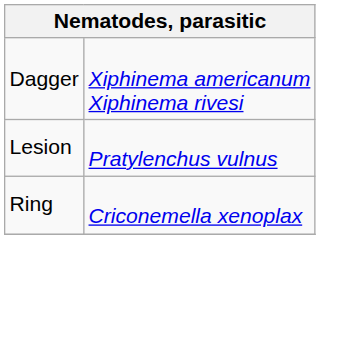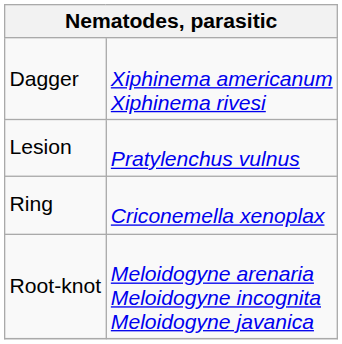 <table class="wikitable" style="clear">
 <tr>
 <th colspan=2><strong>Nematodes, parasitic</strong><br></th>
 </tr>
 <tr>
 <td>Dagger</td>
 <td><br><em><a href='#'>Xiphinema americanum</a></em><br> <em><a href='#'>Xiphinema rivesi</a></em></td>
 </tr>
 <tr>
 <td>Lesion</td>
 <td><br><em><a href='#'>Pratylenchus vulnus</a></em></td>
 </tr>
 <tr>
 <td>Ring</td>
 <td><br><em><a href='#'>Criconemella xenoplax</a></em></td>
 </tr>
 <tr>
+<td>Root-knot</td>
+<td><br><em><a href='#'>Meloidogyne arenaria</a></em><br> <em><a href='#'>Meloidogyne incognita</a></em><br> <em><a href='#'>Meloidogyne javanica</a></em></td>
+</tr>
+<tr>
 </tr>
 </table>
